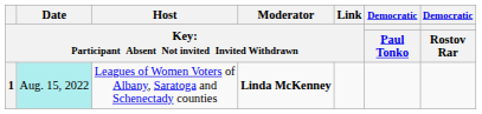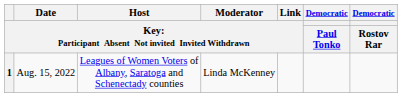 <table class="wikitable" style="text-align:center;">
 <tr>
 <th scope="col"></th>
 <th scope="col">Date</th>
 <th scope="col">Host</th>
 <th scope="col">Moderator</th>
 <th scope="col">Link</th>
 <th scope="col"><small><a href='#'>Democratic</a></small></th>
 <th scope="col"><small><a href='#'>Democratic</a></small></th>
 </tr>
 <tr>
 <th colspan="5" rowspan="2">Key:<br> <small>Participant </small>  <small>Absent </small>  <small>Not invited </small>  <small>Invited  Withdrawn</small></th>
 <th scope="col" style="background:"></th>
 <th scope="col" style="background:"></th>
 </tr>
 <tr>
 <th scope="col"><a href='#'>Paul Tonko</a></th>
 <th scope="col">Rostov Rar</th>
 </tr>
 <tr>
 <th>1</th>
-<td style="background: paleturquoise; white-space:nowrap;">Aug. 15, 2022</td>
+<td style="white-space:nowrap;">Aug. 15, 2022</td>
 <td style="white-space:nowrap;"><a href='#'>Leagues of Women Voters</a> of<br><a href='#'>Albany</a>, <a href='#'>Saratoga</a> and<br><a href='#'>Schenectady</a> counties</td>
-<td style="white-space:nowrap;"><strong>Linda McKenney</strong></td>
+<td style="white-space:nowrap;">Linda McKenney</td>
 <td style="white-space:nowrap;"></td>
 <td></td>
 <td></td>
 </tr>
 </table>
